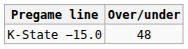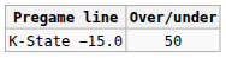 <table class="wikitable" style="margin-left: auto; margin-right: auto; border: none; display: inline-table;">
 <tr align="center">
 <th style=>Pregame line</th>
 <th style=>Over/under</th>
 </tr>
 <tr align="center">
 <td>K-State −15.0</td>
-<td>48</td>
+<td>50</td>
 </tr>
 </table>
